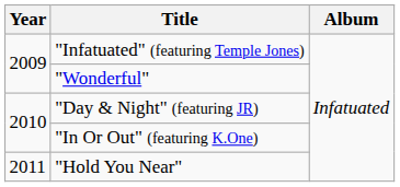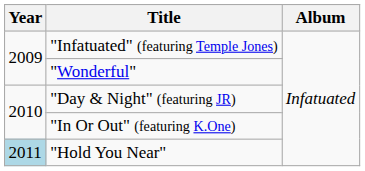 <table class="wikitable">
 <tr>
 <th>Year</th>
 <th>Title</th>
 <th>Album</th>
 </tr>
 <tr>
 <td rowspan="2">2009</td>
 <td>"Infatuated" <small>(featuring <a href='#'>Temple Jones</a>)</small></td>
 <td rowspan="5"><em>Infatuated</em></td>
 </tr>
 <tr>
 <td>"<a href='#'>Wonderful</a>"</td>
 </tr>
 <tr>
 <td rowspan="2">2010</td>
 <td>"Day & Night" <small>(featuring <a href='#'>JR</a>)</small></td>
 </tr>
 <tr>
 <td>"In Or Out" <small>(featuring <a href='#'>K.One</a>)</small></td>
 </tr>
 <tr>
-<td>2011</td>
+<td style="background: lightblue;">2011</td>
 <td>"Hold You Near"</td>
 </tr>
 </table>
